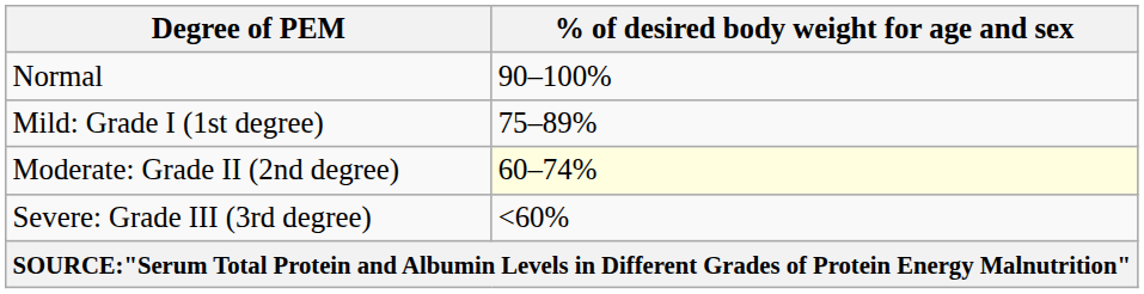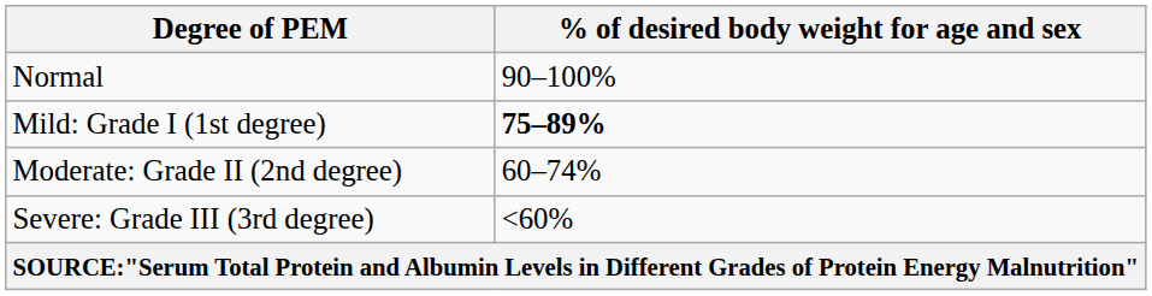 <table class="wikitable">
 <tr>
 <th>Degree of PEM</th>
 <th>% of desired body weight for age and sex</th>
 </tr>
 <tr>
 <td>Normal</td>
 <td>90–100%</td>
 </tr>
 <tr>
 <td>Mild: Grade I (1st degree)</td>
-<td>75–89%</td>
+<td><strong>75–89%</strong></td>
 </tr>
 <tr>
 <td>Moderate: Grade II (2nd degree)</td>
-<td style="background: lightyellow;">60–74%</td>
+<td>60–74%</td>
 </tr>
 <tr>
 <td>Severe: Grade III (3rd degree)</td>
 <td><60%</td>
 </tr>
 <tr>
 <th colspan=16><small>SOURCE:"Serum Total Protein and Albumin Levels in Different Grades of Protein Energy Malnutrition"</small></th>
 </tr>
 </table>
